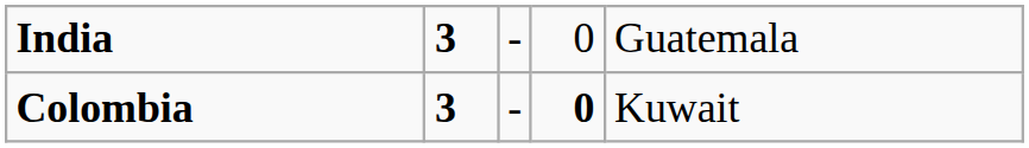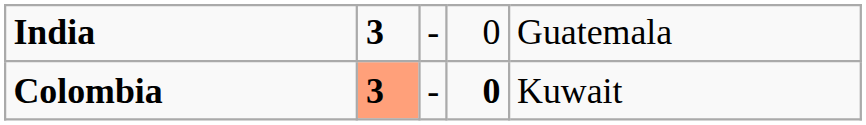 <table class="wikitable">
 <tr>
 <td width=150> <strong>India</strong></td>
 <td style="width:20px; text-align:left;"><strong>3</strong></td>
 <td>-</td>
 <td style="width:20px; text-align:right;">0</td>
 <td width=150> Guatemala</td>
 </tr>
 <tr>
 <td> <strong>Colombia</strong></td>
-<td style="text-align:left;"><strong>3</strong></td>
+<td style="background: lightsalmon; text-align:left;"><strong>3</strong></td>
 <td>-</td>
 <td style="text-align:right;"><strong>0</strong></td>
 <td> Kuwait</td>
 </tr>
 </table>
